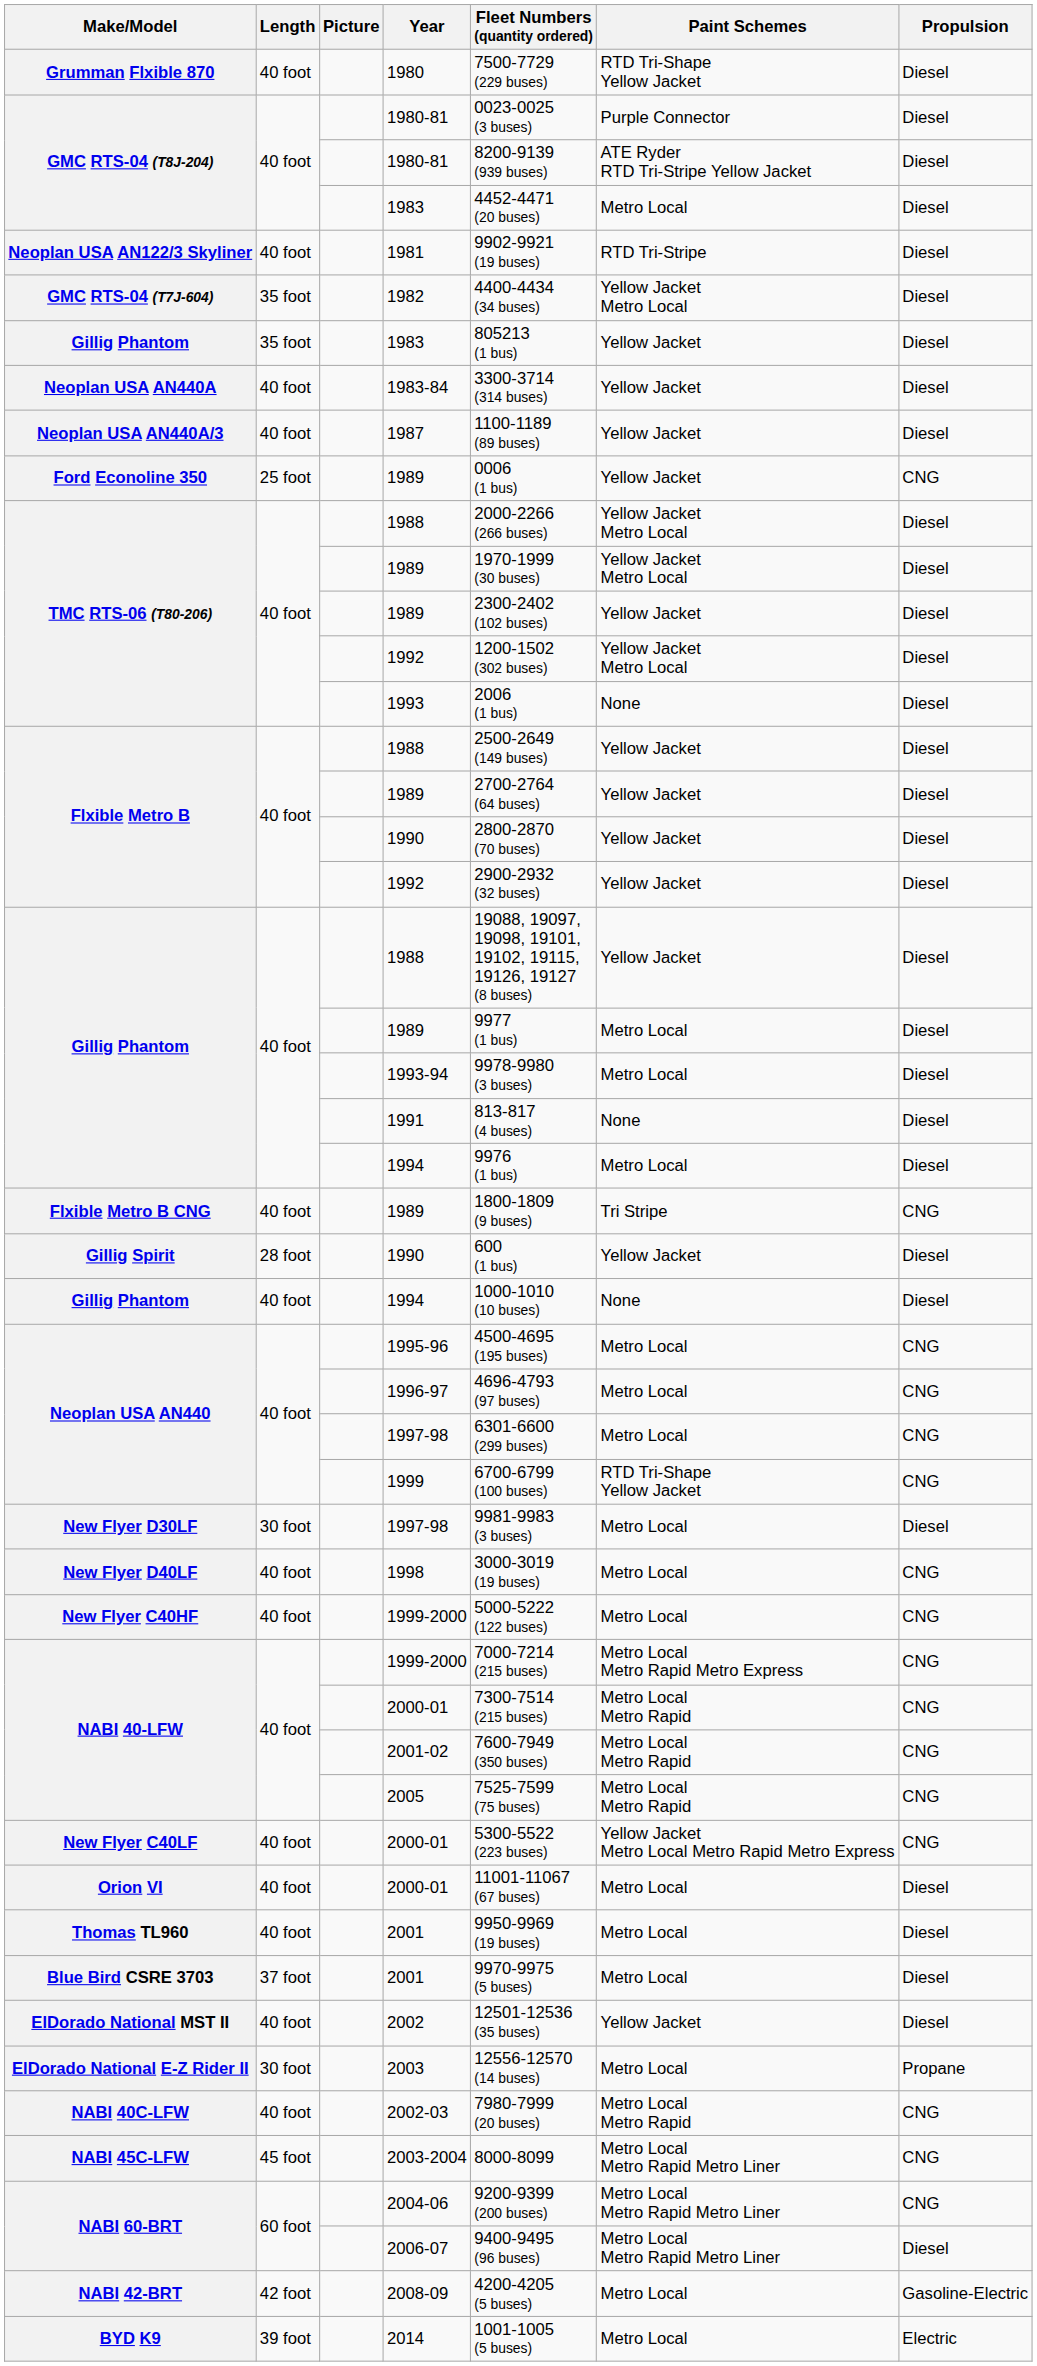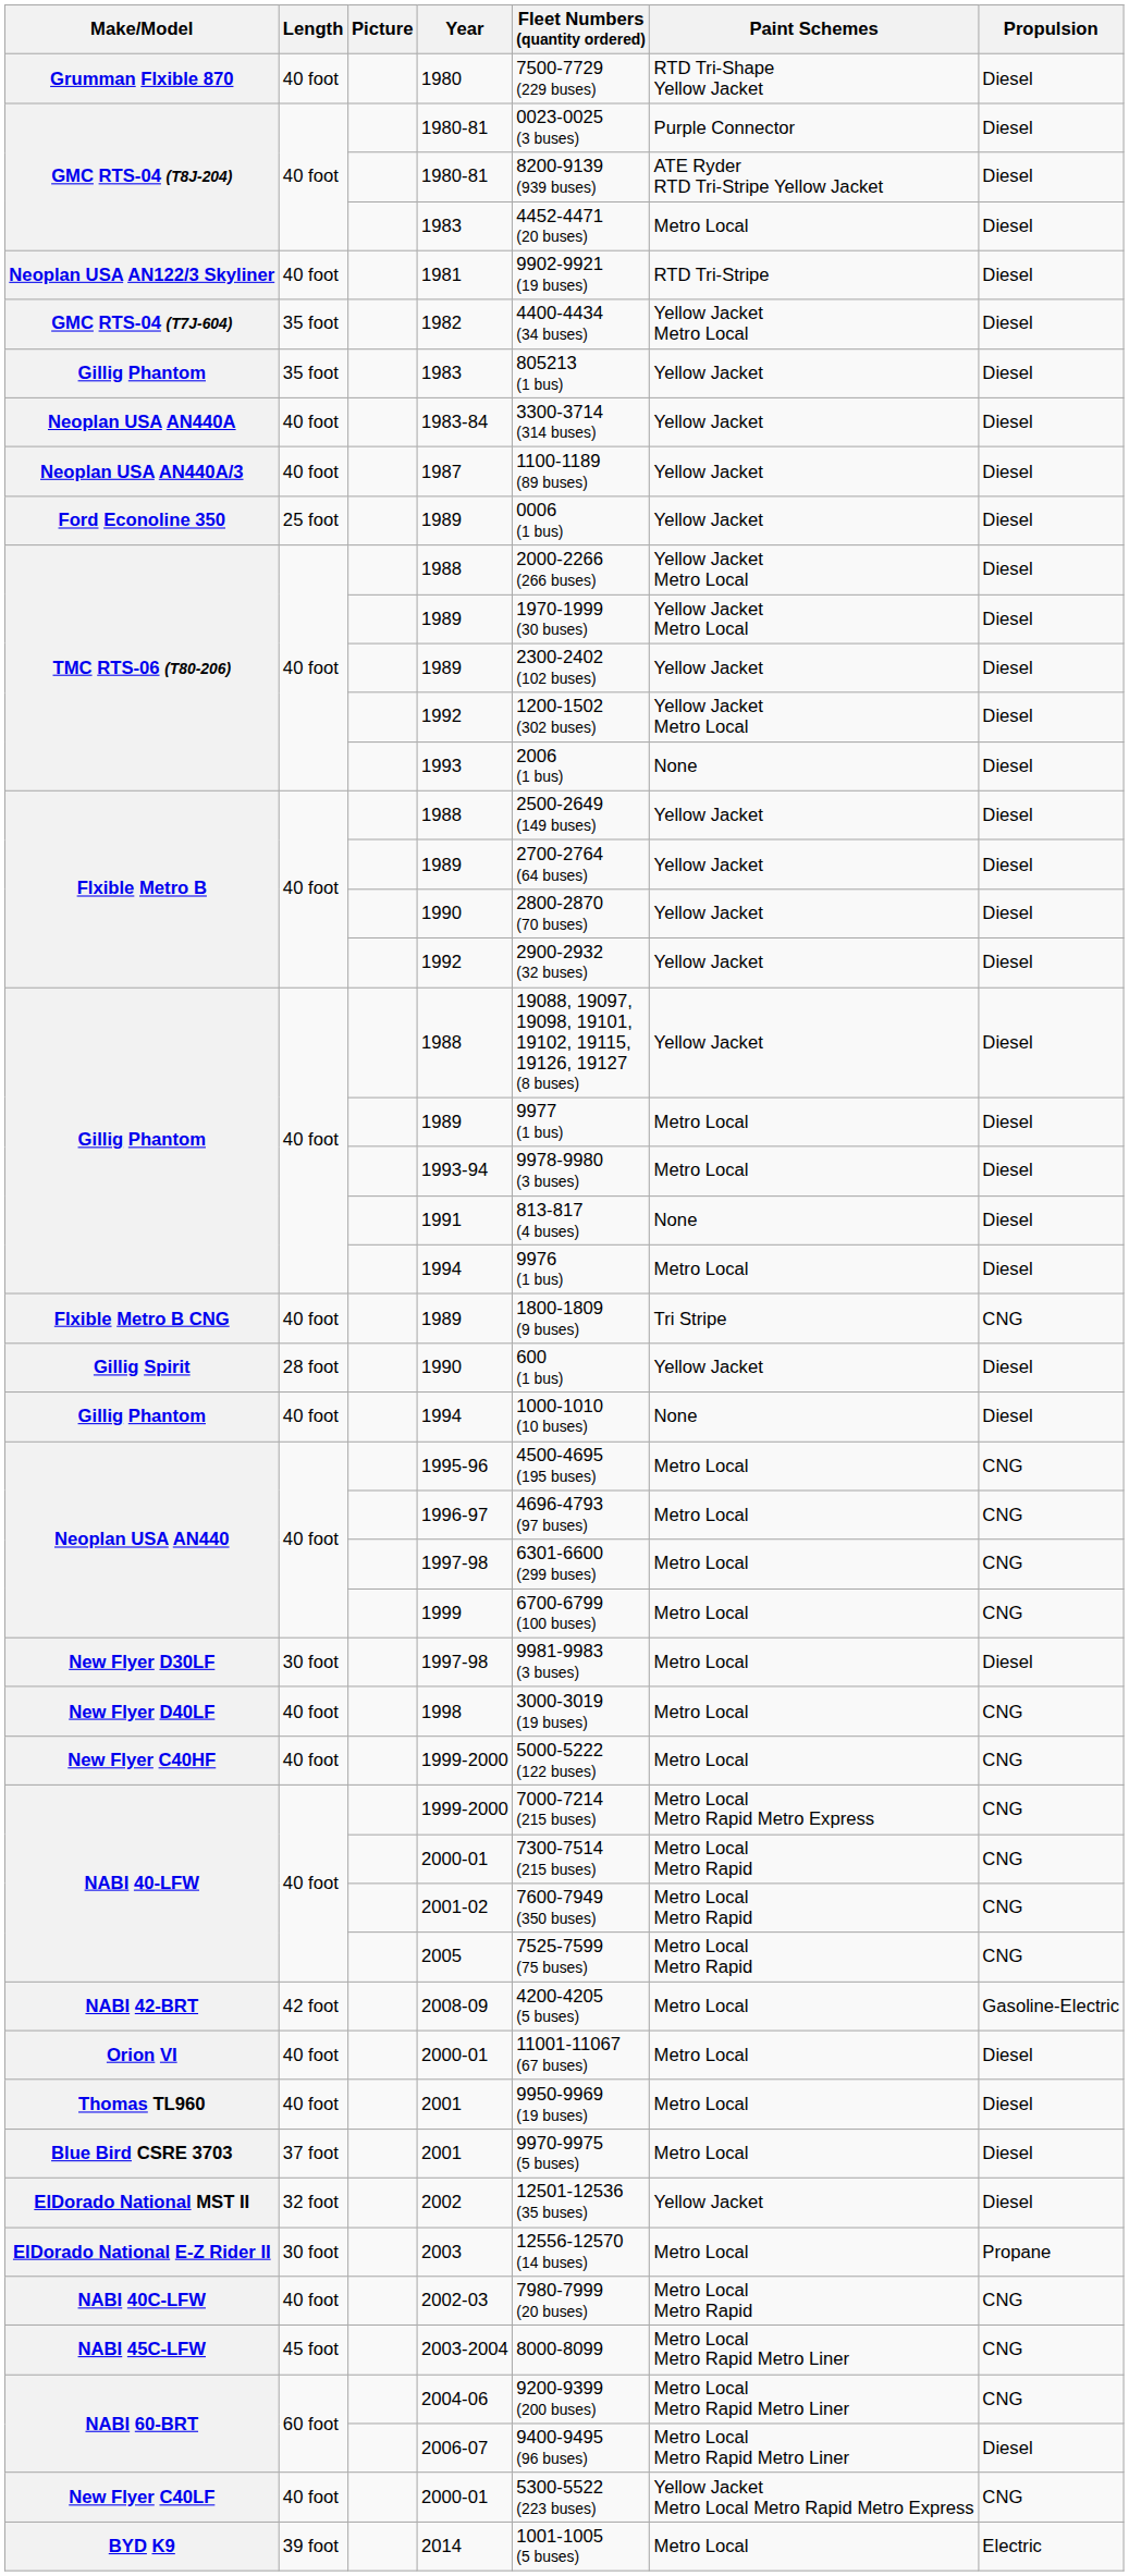 <table class="wikitable sortable">
 <tr>
 <th>Make/Model</th>
 <th>Length</th>
 <th class="unsortable">Picture</th>
 <th>Year</th>
 <th>Fleet Numbers<br><small>(quantity ordered)</small></th>
 <th>Paint Schemes</th>
 <th>Propulsion</th>
 </tr>
 <tr>
 <th><a href='#'>Grumman</a> <a href='#'>Flxible 870</a></th>
 <td>40 foot</td>
 <td></td>
 <td>1980</td>
 <td>7500-7729<br><small>(229 buses)</small></td>
 <td>RTD Tri-Shape<br>Yellow Jacket</td>
 <td>Diesel</td>
 </tr>
 <tr>
 <th rowspan="3"><a href='#'>GMC</a> <a href='#'>RTS-04</a> <em><small>(T8J-204)</small></em></th>
 <td rowspan="3">40 foot</td>
 <td></td>
 <td>1980-81</td>
 <td>0023-0025<br><small>(3 buses)</small></td>
 <td>Purple Connector</td>
 <td>Diesel</td>
 </tr>
 <tr>
 <td></td>
 <td>1980-81</td>
 <td>8200-9139<br><small>(939 buses)</small></td>
 <td>ATE Ryder<br>RTD Tri-Stripe Yellow Jacket</td>
 <td>Diesel</td>
 </tr>
 <tr>
 <td></td>
 <td>1983</td>
 <td>4452-4471<br><small>(20 buses)</small></td>
 <td>Metro Local</td>
 <td>Diesel</td>
 </tr>
 <tr>
 <th><a href='#'>Neoplan USA</a> <a href='#'>AN122/3 Skyliner</a></th>
 <td>40 foot</td>
 <td></td>
 <td>1981</td>
 <td>9902-9921<br><small>(19 buses)</small></td>
 <td>RTD Tri-Stripe</td>
 <td>Diesel</td>
 </tr>
 <tr>
 <th><a href='#'>GMC</a> <a href='#'>RTS-04</a> <em><small>(T7J-604)</small></em></th>
 <td>35 foot</td>
 <td></td>
 <td>1982</td>
 <td>4400-4434<br><small>(34 buses)</small></td>
 <td>Yellow Jacket<br>Metro Local</td>
 <td>Diesel</td>
 </tr>
 <tr>
 <th><a href='#'>Gillig</a> <a href='#'>Phantom</a></th>
 <td>35 foot</td>
 <td></td>
 <td>1983</td>
 <td>805213<br><small>(1 bus)</small></td>
 <td>Yellow Jacket</td>
 <td>Diesel</td>
 </tr>
 <tr>
 <th><a href='#'>Neoplan USA</a> <a href='#'>AN440A</a></th>
 <td>40 foot</td>
 <td></td>
 <td>1983-84</td>
 <td>3300-3714<br><small>(314 buses)</small></td>
 <td>Yellow Jacket</td>
 <td>Diesel</td>
 </tr>
 <tr>
 <th><a href='#'>Neoplan USA</a> <a href='#'>AN440A/3</a></th>
 <td>40 foot</td>
 <td></td>
 <td>1987</td>
 <td>1100-1189<br><small>(89 buses)</small></td>
 <td>Yellow Jacket</td>
 <td>Diesel</td>
 </tr>
 <tr>
 <th><a href='#'>Ford</a> <a href='#'>Econoline 350</a></th>
 <td>25 foot</td>
 <td></td>
 <td>1989</td>
 <td>0006<br><small>(1 bus)</small></td>
 <td>Yellow Jacket</td>
-<td>CNG</td>
+<td>Diesel</td>
 </tr>
 <tr>
 <th rowspan="5"><a href='#'>TMC</a> <a href='#'>RTS-06</a> <em><small>(T80-206)</small></em></th>
 <td rowspan="5">40 foot</td>
 <td></td>
 <td>1988</td>
 <td>2000-2266<br><small>(266 buses)</small></td>
 <td>Yellow Jacket<br>Metro Local</td>
 <td>Diesel</td>
 </tr>
 <tr>
 <td></td>
 <td>1989</td>
 <td>1970-1999<br><small>(30 buses)</small></td>
 <td>Yellow Jacket<br>Metro Local</td>
 <td>Diesel</td>
 </tr>
 <tr>
 <td></td>
 <td>1989</td>
 <td>2300-2402<br><small>(102 buses)</small></td>
 <td>Yellow Jacket</td>
 <td>Diesel</td>
 </tr>
 <tr>
 <td></td>
 <td>1992</td>
 <td>1200-1502<br><small>(302 buses)</small></td>
 <td>Yellow Jacket<br>Metro Local</td>
 <td>Diesel</td>
 </tr>
 <tr>
 <td></td>
 <td>1993</td>
 <td>2006<br><small>(1 bus)</small></td>
 <td>None</td>
 <td>Diesel</td>
 </tr>
 <tr>
 <th rowspan="4"><a href='#'>Flxible</a> <a href='#'>Metro B</a></th>
 <td rowspan="4">40 foot</td>
 <td></td>
 <td>1988</td>
 <td>2500-2649<br><small>(149 buses)</small></td>
 <td>Yellow Jacket</td>
 <td>Diesel</td>
 </tr>
 <tr>
 <td></td>
 <td>1989</td>
 <td>2700-2764<br><small>(64 buses)</small></td>
 <td>Yellow Jacket</td>
 <td>Diesel</td>
 </tr>
 <tr>
 <td></td>
 <td>1990</td>
 <td>2800-2870<br><small>(70 buses)</small></td>
 <td>Yellow Jacket</td>
 <td>Diesel</td>
 </tr>
 <tr>
 <td></td>
 <td>1992</td>
 <td>2900-2932<br><small>(32 buses)</small></td>
 <td>Yellow Jacket</td>
 <td>Diesel</td>
 </tr>
 <tr>
 <th rowspan="5"><a href='#'>Gillig</a> <a href='#'>Phantom</a></th>
 <td rowspan="5">40 foot</td>
 <td></td>
 <td>1988</td>
 <td>19088, 19097,<br>19098, 19101,<br>19102, 19115,<br>19126, 19127<br><small>(8 buses)</small></td>
 <td>Yellow Jacket</td>
 <td>Diesel</td>
 </tr>
 <tr>
 <td></td>
 <td>1989</td>
 <td>9977<br><small>(1 bus)</small></td>
 <td>Metro Local</td>
 <td>Diesel</td>
 </tr>
 <tr>
 <td></td>
 <td>1993-94</td>
 <td>9978-9980<br><small>(3 buses)</small></td>
 <td>Metro Local</td>
 <td>Diesel</td>
 </tr>
 <tr>
 <td></td>
 <td>1991</td>
 <td>813-817<br><small>(4 buses)</small></td>
 <td>None</td>
 <td>Diesel</td>
 </tr>
 <tr>
 <td></td>
 <td>1994</td>
 <td>9976<br><small>(1 bus)</small></td>
 <td>Metro Local</td>
 <td>Diesel</td>
 </tr>
 <tr>
 <th><a href='#'>Flxible</a> <a href='#'>Metro B CNG</a></th>
 <td>40 foot</td>
 <td></td>
 <td>1989</td>
 <td>1800-1809<br><small>(9 buses)</small></td>
 <td>Tri Stripe</td>
 <td>CNG</td>
 </tr>
 <tr>
 <th><a href='#'>Gillig</a> <a href='#'>Spirit</a></th>
 <td>28 foot</td>
 <td></td>
 <td>1990</td>
 <td>600<br><small>(1 bus)</small></td>
 <td>Yellow Jacket</td>
 <td>Diesel</td>
 </tr>
 <tr>
 <th><a href='#'>Gillig</a> <a href='#'>Phantom</a></th>
 <td>40 foot</td>
 <td></td>
 <td>1994</td>
 <td>1000-1010<br><small>(10 buses)</small></td>
 <td>None</td>
 <td>Diesel</td>
 </tr>
 <tr>
 <th rowspan="4"><a href='#'>Neoplan USA</a> <a href='#'>AN440</a></th>
 <td rowspan="4">40 foot</td>
 <td></td>
 <td>1995-96</td>
 <td>4500-4695<br><small>(195 buses)</small></td>
 <td>Metro Local</td>
 <td>CNG</td>
 </tr>
 <tr>
 <td></td>
 <td>1996-97</td>
 <td>4696-4793<br><small>(97 buses)</small></td>
 <td>Metro Local</td>
 <td>CNG</td>
 </tr>
 <tr>
 <td></td>
 <td>1997-98</td>
 <td>6301-6600<br><small>(299 buses)</small></td>
 <td>Metro Local</td>
 <td>CNG</td>
 </tr>
 <tr>
 <td></td>
 <td>1999</td>
 <td>6700-6799<br><small>(100 buses)</small></td>
-<td>RTD Tri-Shape<br>Yellow Jacket</td>
+<td>Metro Local</td>
 <td>CNG</td>
 </tr>
 <tr>
 <th><a href='#'>New Flyer</a> <a href='#'>D30LF</a></th>
 <td>30 foot</td>
 <td></td>
 <td>1997-98</td>
 <td>9981-9983<br><small>(3 buses)</small></td>
 <td>Metro Local</td>
 <td>Diesel</td>
 </tr>
 <tr>
 <th><a href='#'>New Flyer</a> <a href='#'>D40LF</a></th>
 <td>40 foot</td>
 <td></td>
 <td>1998</td>
 <td>3000-3019<br><small>(19 buses)</small></td>
 <td>Metro Local</td>
 <td>CNG</td>
 </tr>
 <tr>
 <th><a href='#'>New Flyer</a> <a href='#'>C40HF</a></th>
 <td>40 foot</td>
 <td></td>
 <td>1999-2000</td>
 <td>5000-5222<br><small>(122 buses)</small></td>
 <td>Metro Local</td>
 <td>CNG</td>
 </tr>
 <tr>
 <th rowspan="4"><a href='#'>NABI</a> <a href='#'>40-LFW</a></th>
 <td rowspan="4">40 foot</td>
 <td></td>
 <td>1999-2000</td>
 <td>7000-7214<br><small>(215 buses)</small></td>
 <td>Metro Local<br>Metro Rapid Metro Express</td>
 <td>CNG</td>
 </tr>
 <tr>
 <td></td>
 <td>2000-01</td>
 <td>7300-7514<br><small>(215 buses)</small></td>
 <td>Metro Local<br>Metro Rapid</td>
 <td>CNG</td>
 </tr>
 <tr>
 <td></td>
 <td>2001-02</td>
 <td>7600-7949<br><small>(350 buses)</small></td>
 <td>Metro Local<br>Metro Rapid</td>
 <td>CNG</td>
 </tr>
 <tr>
 <td></td>
 <td>2005</td>
 <td>7525-7599<br><small>(75 buses)</small></td>
 <td>Metro Local<br>Metro Rapid</td>
 <td>CNG</td>
 </tr>
 <tr>
-<th><a href='#'>New Flyer</a> <a href='#'>C40LF</a></th>
-<td>40 foot</td>
+<th><a href='#'>NABI</a> <a href='#'>42-BRT</a></th>
+<td>42 foot</td>
 <td></td>
-<td>2000-01</td>
-<td>5300-5522<br><small>(223 buses)</small></td>
-<td>Yellow Jacket<br>Metro Local Metro Rapid Metro Express</td>
-<td>CNG</td>
+<td>2008-09</td>
+<td>4200-4205<br><small>(5 buses)</small></td>
+<td>Metro Local</td>
+<td>Gasoline-Electric</td>
 </tr>
 <tr>
 <th><a href='#'>Orion</a> <a href='#'>VI</a></th>
 <td>40 foot</td>
 <td></td>
 <td>2000-01</td>
 <td>11001-11067<br><small>(67 buses)</small></td>
 <td>Metro Local</td>
 <td>Diesel</td>
 </tr>
 <tr>
 <th><a href='#'>Thomas</a> TL960</th>
 <td>40 foot</td>
 <td></td>
 <td>2001</td>
 <td>9950-9969<br><small>(19 buses)</small></td>
 <td>Metro Local</td>
 <td>Diesel</td>
 </tr>
 <tr>
 <th><a href='#'>Blue Bird</a> CSRE 3703</th>
 <td>37 foot</td>
 <td></td>
 <td>2001</td>
 <td>9970-9975<br><small>(5 buses)</small></td>
 <td>Metro Local</td>
 <td>Diesel</td>
 </tr>
 <tr>
 <th><a href='#'>ElDorado National</a> MST II</th>
-<td>40 foot</td>
+<td>32 foot</td>
 <td></td>
 <td>2002</td>
 <td>12501-12536<br><small>(35 buses)</small></td>
 <td>Yellow Jacket</td>
 <td>Diesel</td>
 </tr>
 <tr>
 <th><a href='#'>ElDorado National</a> <a href='#'>E-Z Rider II</a></th>
 <td>30 foot</td>
 <td></td>
 <td>2003</td>
 <td>12556-12570<br><small>(14 buses)</small></td>
 <td>Metro Local</td>
 <td>Propane</td>
 </tr>
 <tr>
 <th><a href='#'>NABI</a> <a href='#'>40C-LFW</a></th>
 <td>40 foot</td>
 <td></td>
 <td>2002-03</td>
 <td>7980-7999<br><small>(20 buses)</small></td>
 <td>Metro Local<br>Metro Rapid</td>
 <td>CNG</td>
 </tr>
 <tr>
 <th><a href='#'>NABI</a> <a href='#'>45C-LFW</a></th>
 <td>45 foot</td>
 <td></td>
 <td>2003-2004</td>
 <td>8000-8099<br></td>
 <td>Metro Local<br>Metro Rapid Metro Liner</td>
 <td>CNG</td>
 </tr>
 <tr>
 <th rowspan=2><a href='#'>NABI</a> <a href='#'>60-BRT</a></th>
 <td rowspan=2>60 foot</td>
 <td></td>
 <td>2004-06</td>
 <td>9200-9399<br><small>(200 buses)</small></td>
 <td>Metro Local<br>Metro Rapid Metro Liner</td>
 <td>CNG</td>
 </tr>
 <tr>
 <td></td>
 <td>2006-07</td>
 <td>9400-9495<br><small>(96 buses)</small></td>
 <td>Metro Local<br>Metro Rapid Metro Liner</td>
 <td>Diesel</td>
 </tr>
 <tr>
-<th><a href='#'>NABI</a> <a href='#'>42-BRT</a></th>
-<td>42 foot</td>
+<th><a href='#'>New Flyer</a> <a href='#'>C40LF</a></th>
+<td>40 foot</td>
 <td></td>
-<td>2008-09</td>
-<td>4200-4205<br><small>(5 buses)</small></td>
-<td>Metro Local</td>
-<td>Gasoline-Electric</td>
+<td>2000-01</td>
+<td>5300-5522<br><small>(223 buses)</small></td>
+<td>Yellow Jacket<br>Metro Local Metro Rapid Metro Express</td>
+<td>CNG</td>
 </tr>
 <tr>
 <th><a href='#'>BYD</a> <a href='#'>K9</a></th>
 <td>39 foot</td>
 <td></td>
 <td>2014</td>
 <td>1001-1005<br><small>(5 buses)</small></td>
 <td>Metro Local</td>
 <td>Electric</td>
 </tr>
 </table>
